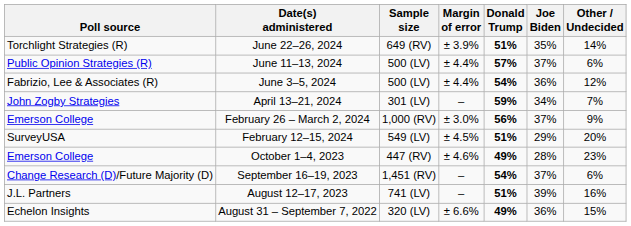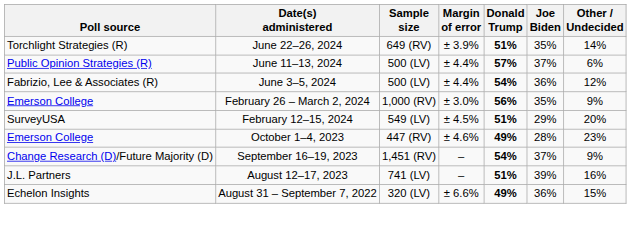 <table class="wikitable sortable mw-datatable" style="font-size:90%;text-align:center;line-height:17px">
 <tr valign=bottom>
 <th>Poll source</th>
 <th>Date(s)<br>administered</th>
 <th>Sample<br>size</th>
 <th>Margin<br>of error</th>
 <th class="unsortable">Donald<br>Trump<br></th>
 <th class="unsortable">Joe<br>Biden<br></th>
 <th class="unsortable">Other /<br>Undecided</th>
 </tr>
 <tr>
 <td style="text-align:left;">Torchlight Strategies (R)</td>
 <td>June 22–26, 2024</td>
 <td>649 (RV)</td>
 <td>± 3.9%</td>
 <td style="background-color:"><strong>51%</strong></td>
 <td>35%</td>
 <td>14%</td>
 </tr>
 <tr>
 <td style="text-align:left;"><a href='#'>Public Opinion Strategies (R)</a></td>
 <td>June 11–13, 2024</td>
 <td>500 (LV)</td>
 <td>± 4.4%</td>
 <td style="background-color:"><strong>57%</strong></td>
 <td>37%</td>
 <td>6%</td>
 </tr>
 <tr>
 <td style="text-align:left;">Fabrizio, Lee & Associates (R)</td>
 <td data-sort-value="2024-06-17">June 3–5, 2024</td>
 <td>500 (LV)</td>
 <td>± 4.4%</td>
 <td style="background-color:"><strong>54%</strong></td>
 <td>36%</td>
 <td>12%</td>
 </tr>
 <tr>
-<td style="text-align:left;"><a href='#'>John Zogby Strategies</a></td>
-<td data-sort-value="2024-05-01">April 13–21, 2024</td>
-<td>301 (LV)</td>
-<td>–</td>
-<td style="background-color:"><strong>59%</strong></td>
-<td>34%</td>
-<td>7%</td>
-</tr>
-<tr>
 <td style="text-align:left;"><a href='#'>Emerson College</a></td>
 <td data-sort-value="2024-03-06">February 26 – March 2, 2024</td>
 <td>1,000 (RV)</td>
 <td>± 3.0%</td>
 <td style="background-color:"><strong>56%</strong></td>
-<td>37%</td>
+<td>35%</td>
 <td>9%</td>
 </tr>
 <tr>
 <td style="text-align:left;">SurveyUSA</td>
 <td data-sort-value="2024-02-19">February 12–15, 2024</td>
 <td>549 (LV)</td>
 <td>± 4.5%</td>
 <td style="background-color:"><strong>51%</strong></td>
 <td>29%</td>
 <td>20%</td>
 </tr>
 <tr>
 <td style="text-align:left;"><a href='#'>Emerson College</a></td>
 <td data-sort-value="2023-10-17">October 1–4, 2023</td>
 <td>447 (RV)</td>
 <td>± 4.6%</td>
 <td style="background-color:"><strong>49%</strong></td>
 <td>28%</td>
 <td>23%</td>
 </tr>
 <tr>
 <td style="text-align:left;"><a href='#'>Change Research (D)</a>/Future Majority (D)</td>
 <td data-sort-value="2023-09-19">September 16–19, 2023</td>
 <td>1,451 (RV)</td>
 <td>–</td>
 <td style="background-color:"><strong>54%</strong></td>
 <td>37%</td>
-<td>6%</td>
+<td>9%</td>
 </tr>
 <tr>
 <td style="text-align:left;">J.L. Partners</td>
 <td data-sort-value="2023-08-17">August 12–17, 2023</td>
 <td>741 (LV)</td>
 <td>–</td>
 <td style="background-color:"><strong>51%</strong></td>
 <td>39%</td>
 <td>16%</td>
 </tr>
 <tr>
 <td style="text-align:left;">Echelon Insights</td>
 <td data-sort-value="2022-09-07">August 31 – September 7, 2022</td>
 <td>320 (LV)</td>
 <td>± 6.6%</td>
 <td style="background-color:"><strong>49%</strong></td>
 <td>36%</td>
 <td>15%</td>
 </tr>
 </table>
